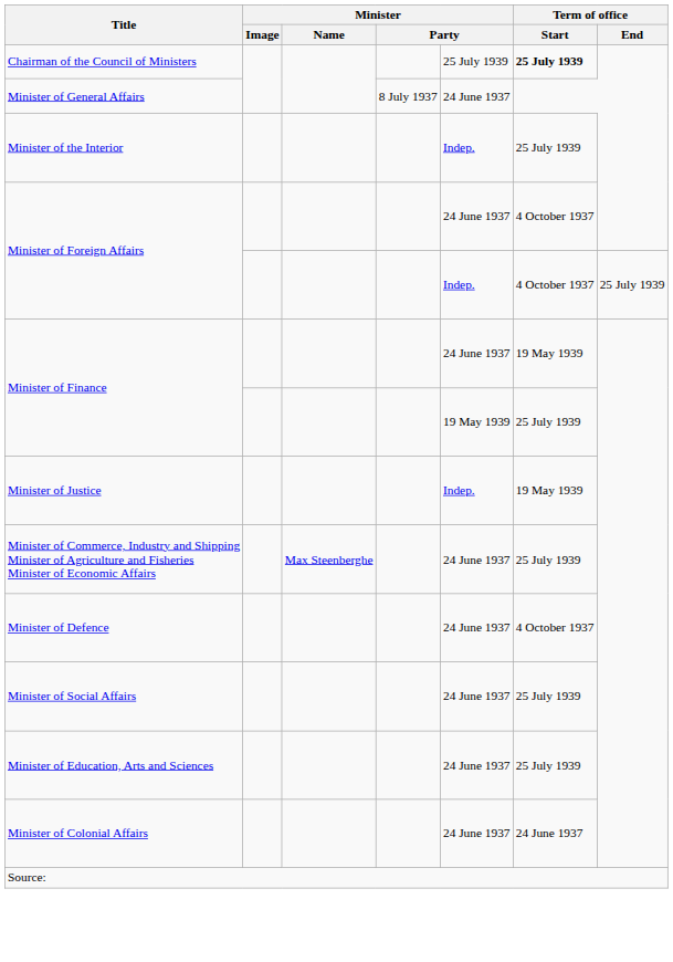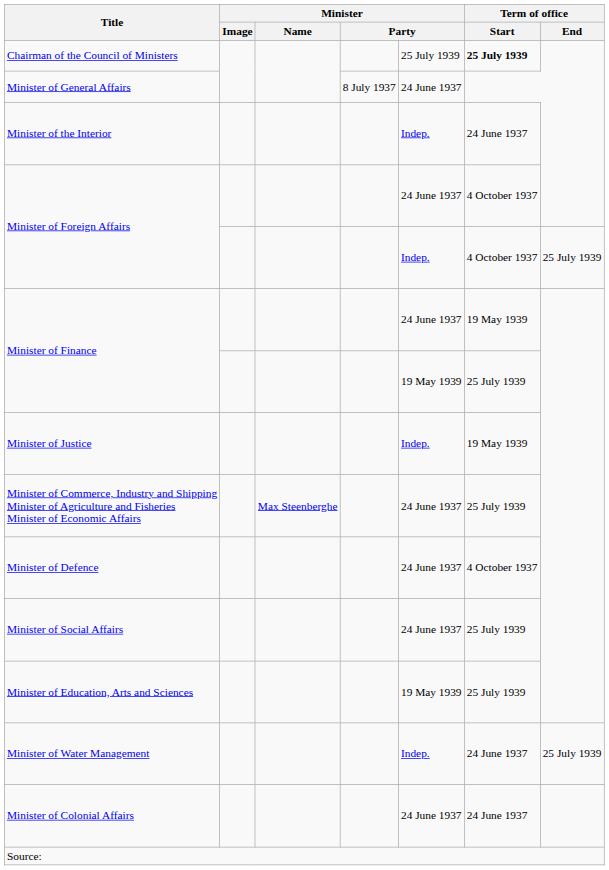 <table class="wikitable sortable" style="text-align:left">
 <tr>
 <th rowspan="2">Title</th>
 <th colspan="4">Minister</th>
 <th colspan="2">Term of office</th>
 </tr>
 <tr>
 <th class="unsortable">Image</th>
 <th>Name</th>
 <th colspan="2">Party</th>
 <th data-sort-type="date">Start</th>
 <th data-sort-type=date>End</th>
 </tr>
 <tr>
 <td><a href='#'>Chairman of the Council of Ministers</a></td>
 <td rowspan=2 height="80px"></td>
 <td rowspan=2></td>
 <td></td>
 <td>25 July 1939</td>
 <td><strong>25 July 1939</strong></td>
 </tr>
 <tr>
 <td><a href='#'>Minister of General Affairs</a></td>
 <td>8 July 1937</td>
 <td>24 June 1937</td>
 </tr>
 <tr>
 <td><a href='#'>Minister of the Interior</a></td>
 <td height="80px"></td>
 <td></td>
 <td></td>
 <td><a href='#'>Indep.</a></td>
-<td>25 July 1939</td>
+<td>24 June 1937</td>
 </tr>
 <tr>
 <td rowspan=2><a href='#'>Minister of Foreign Affairs</a></td>
 <td height="80px"></td>
 <td> </td>
 <td></td>
 <td>24 June 1937</td>
 <td>4 October 1937</td>
 </tr>
 <tr>
 <td height="80px"></td>
 <td></td>
 <td style="background:"></td>
 <td><a href='#'>Indep.</a></td>
 <td>4 October 1937</td>
 <td>25 July 1939</td>
 </tr>
 <tr>
 <td rowspan=2><a href='#'>Minister of Finance</a></td>
 <td height="80px"></td>
 <td></td>
 <td></td>
 <td>24 June 1937</td>
 <td>19 May 1939</td>
 </tr>
 <tr>
 <td height="80px"></td>
 <td> </td>
 <td></td>
 <td>19 May 1939</td>
 <td>25 July 1939</td>
 </tr>
 <tr>
 <td><a href='#'>Minister of Justice</a></td>
 <td height="80px"></td>
 <td></td>
 <td></td>
 <td><a href='#'>Indep.</a></td>
 <td>19 May 1939</td>
 </tr>
 <tr>
 <td><a href='#'>Minister of Commerce, Industry and Shipping</a>  <br> <a href='#'>Minister of Agriculture and Fisheries</a>  <br> <a href='#'>Minister of Economic Affairs</a> </td>
 <td height="80px"></td>
 <td><a href='#'>Max Steenberghe</a></td>
 <td></td>
 <td>24 June 1937</td>
 <td>25 July 1939</td>
 </tr>
 <tr>
 <td><a href='#'>Minister of Defence</a></td>
 <td height="80px"></td>
 <td></td>
 <td></td>
 <td>24 June 1937</td>
 <td>4 October 1937</td>
 </tr>
 <tr>
 <td><a href='#'>Minister of Social Affairs</a></td>
 <td height="80px"></td>
 <td></td>
 <td></td>
 <td>24 June 1937</td>
 <td>25 July 1939</td>
 </tr>
 <tr>
 <td><a href='#'>Minister of Education, Arts and Sciences</a></td>
 <td height="80px"></td>
 <td></td>
 <td></td>
+<td>19 May 1939</td>
+<td>25 July 1939</td>
+</tr>
+<tr>
+<td><a href='#'>Minister of Water Management</a></td>
+<td height="80px"></td>
+<td></td>
+<td style="background:"></td>
+<td><a href='#'>Indep.</a></td>
 <td>24 June 1937</td>
 <td>25 July 1939</td>
 </tr>
 <tr>
 <td><a href='#'>Minister of Colonial Affairs</a></td>
 <td height="80px"></td>
 <td></td>
 <td></td>
 <td>24 June 1937</td>
 <td>24 June 1937</td>
 </tr>
 <tr class=sortbottom>
 <td colspan=7>Source:  </td>
 </tr>
 </table>
